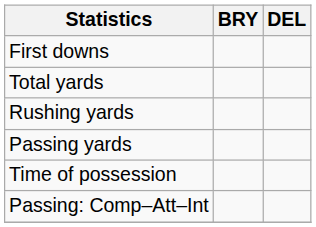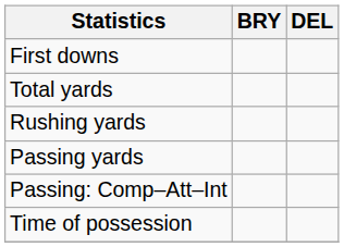 <table class="wikitable" style="float: left;">
 <tr>
 <th>Statistics</th>
 <th>BRY</th>
 <th>DEL</th>
 </tr>
 <tr>
 <td>First downs</td>
 <td></td>
 <td></td>
 </tr>
 <tr>
 <td>Total yards</td>
 <td></td>
 <td></td>
 </tr>
 <tr>
 <td>Rushing yards</td>
 <td></td>
 <td></td>
 </tr>
 <tr>
 <td>Passing yards</td>
 <td></td>
 <td></td>
 </tr>
 <tr>
-<td>Time of possession</td>
+<td>Passing: Comp–Att–Int</td>
 <td></td>
 <td></td>
 </tr>
 <tr>
-<td>Passing: Comp–Att–Int</td>
+<td>Time of possession</td>
 <td></td>
 <td></td>
 </tr>
 <tr>
 </tr>
 </table>
